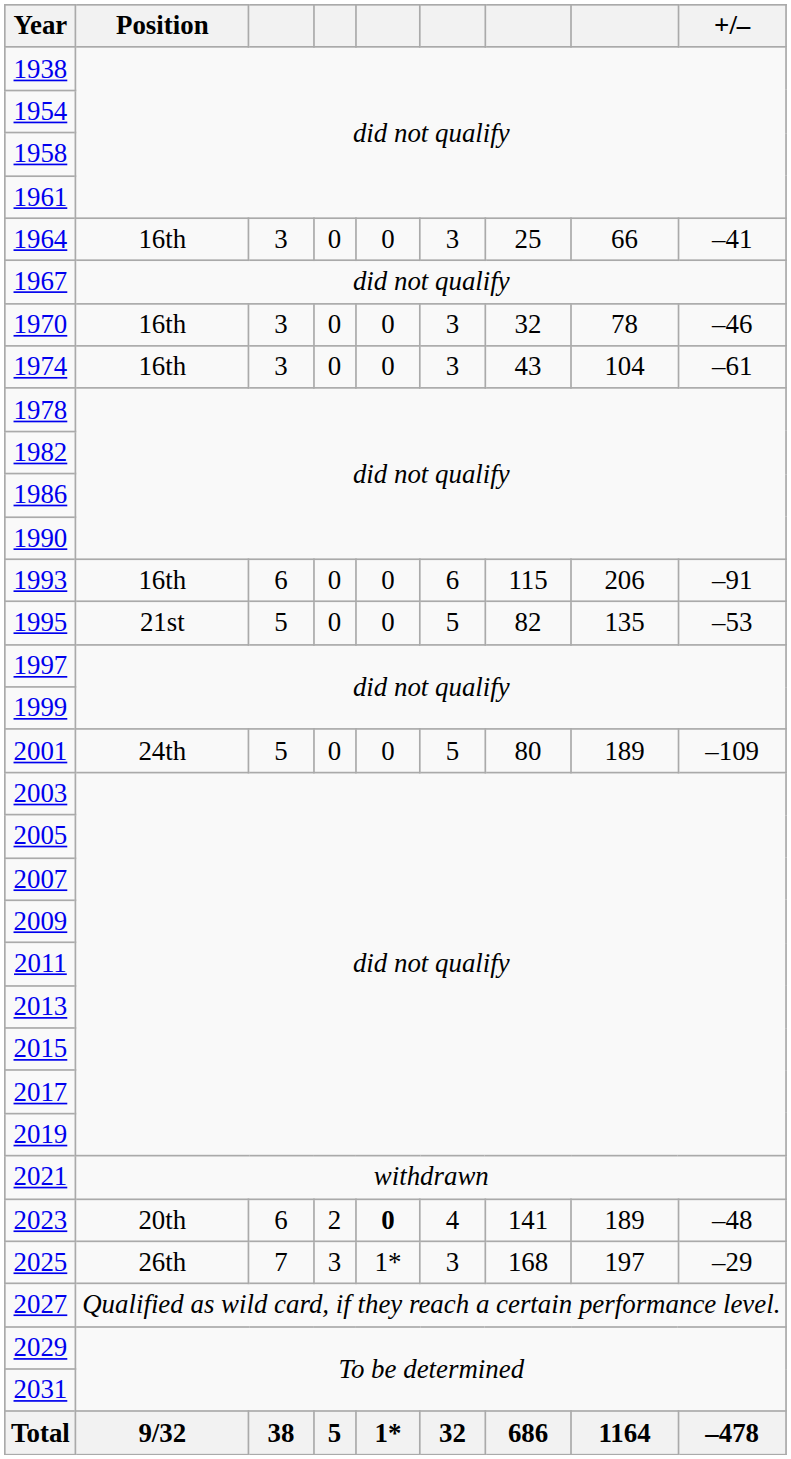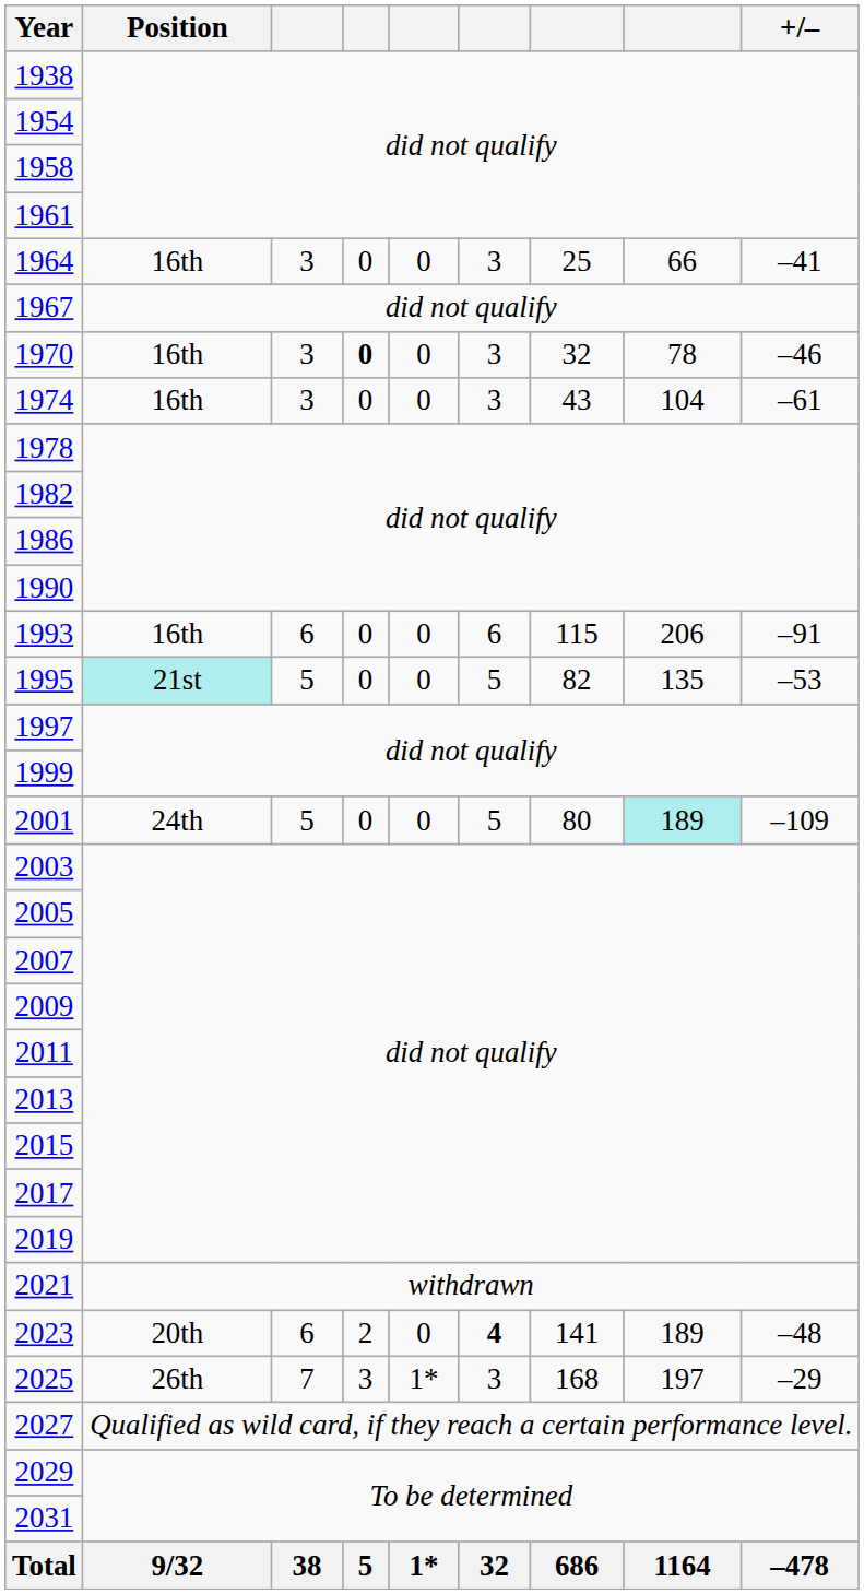 <table class="wikitable" style="text-align: center;">
 <tr>
 <th>Year</th>
 <th>Position</th>
 <th></th>
 <th></th>
 <th></th>
 <th></th>
 <th></th>
 <th></th>
 <th>+/–</th>
 </tr>
 <tr>
 <td> <a href='#'>1938</a></td>
 <td colspan=8 rowspan=4><em>did not qualify</em></td>
 </tr>
 <tr>
 <td> <a href='#'>1954</a></td>
 </tr>
 <tr>
 <td> <a href='#'>1958</a></td>
 </tr>
 <tr>
 <td> <a href='#'>1961</a></td>
 </tr>
 <tr>
 <td> <a href='#'>1964</a></td>
 <td>16th</td>
 <td>3</td>
 <td>0</td>
 <td>0</td>
 <td>3</td>
 <td>25</td>
 <td>66</td>
 <td>–41</td>
 </tr>
 <tr>
 <td> <a href='#'>1967</a></td>
 <td colspan=8><em>did not qualify</em></td>
 </tr>
 <tr>
 <td> <a href='#'>1970</a></td>
 <td>16th</td>
 <td>3</td>
-<td>0</td>
+<td><strong>0</strong></td>
 <td>0</td>
 <td>3</td>
 <td>32</td>
 <td>78</td>
 <td>–46</td>
 </tr>
 <tr>
 <td> <a href='#'>1974</a></td>
 <td>16th</td>
 <td>3</td>
 <td>0</td>
 <td>0</td>
 <td>3</td>
 <td>43</td>
 <td>104</td>
 <td>–61</td>
 </tr>
 <tr>
 <td> <a href='#'>1978</a></td>
 <td colspan=8 rowspan=4><em>did not qualify</em></td>
 </tr>
 <tr>
 <td> <a href='#'>1982</a></td>
 </tr>
 <tr>
 <td> <a href='#'>1986</a></td>
 </tr>
 <tr>
 <td> <a href='#'>1990</a></td>
 </tr>
 <tr>
 <td> <a href='#'>1993</a></td>
 <td>16th</td>
 <td>6</td>
 <td>0</td>
 <td>0</td>
 <td>6</td>
 <td>115</td>
 <td>206</td>
 <td>–91</td>
 </tr>
 <tr>
 <td> <a href='#'>1995</a></td>
-<td>21st</td>
+<td style="background: paleturquoise;">21st</td>
 <td>5</td>
 <td>0</td>
 <td>0</td>
 <td>5</td>
 <td>82</td>
 <td>135</td>
 <td>–53</td>
 </tr>
 <tr>
 <td> <a href='#'>1997</a></td>
 <td colspan=8 rowspan=2><em>did not qualify</em></td>
 </tr>
 <tr>
 <td> <a href='#'>1999</a></td>
 </tr>
 <tr>
 <td> <a href='#'>2001</a></td>
 <td>24th</td>
 <td>5</td>
 <td>0</td>
 <td>0</td>
 <td>5</td>
 <td>80</td>
-<td>189</td>
+<td style="background: paleturquoise;">189</td>
 <td>–109</td>
 </tr>
 <tr>
 <td> <a href='#'>2003</a></td>
 <td colspan=8 rowspan=9><em>did not qualify</em></td>
 </tr>
 <tr>
 <td> <a href='#'>2005</a></td>
 </tr>
 <tr>
 <td> <a href='#'>2007</a></td>
 </tr>
 <tr>
 <td> <a href='#'>2009</a></td>
 </tr>
 <tr>
 <td> <a href='#'>2011</a></td>
 </tr>
 <tr>
 <td> <a href='#'>2013</a></td>
 </tr>
 <tr>
 <td> <a href='#'>2015</a></td>
 </tr>
 <tr>
 <td> <a href='#'>2017</a></td>
 </tr>
 <tr>
 <td> <a href='#'>2019</a></td>
 </tr>
 <tr>
 <td> <a href='#'>2021</a></td>
 <td colspan=8><em>withdrawn</em></td>
 </tr>
 <tr>
 <td> <a href='#'>2023</a></td>
 <td>20th</td>
 <td>6</td>
 <td>2</td>
-<td><strong>0</strong></td>
-<td>4</td>
+<td>0</td>
+<td><strong>4</strong></td>
 <td>141</td>
 <td>189</td>
 <td>–48</td>
 </tr>
 <tr>
 <td> <a href='#'>2025</a></td>
 <td>26th</td>
 <td>7</td>
 <td>3</td>
 <td>1*</td>
 <td>3</td>
 <td>168</td>
 <td>197</td>
 <td>–29</td>
 </tr>
 <tr>
 <td> <a href='#'>2027</a></td>
 <td colspan=8><em>Qualified as wild card, if they reach a certain performance level.</em></td>
 </tr>
 <tr>
 <td> <a href='#'>2029</a></td>
 <td colspan=8 rowspan=2><em>To be determined</em></td>
 </tr>
 <tr>
 <td> <a href='#'>2031</a></td>
 </tr>
 <tr>
 <th>Total</th>
 <th>9/32</th>
 <th>38</th>
 <th>5</th>
 <th>1*</th>
 <th>32</th>
 <th>686</th>
 <th>1164</th>
 <th>–478</th>
 </tr>
 </table>
